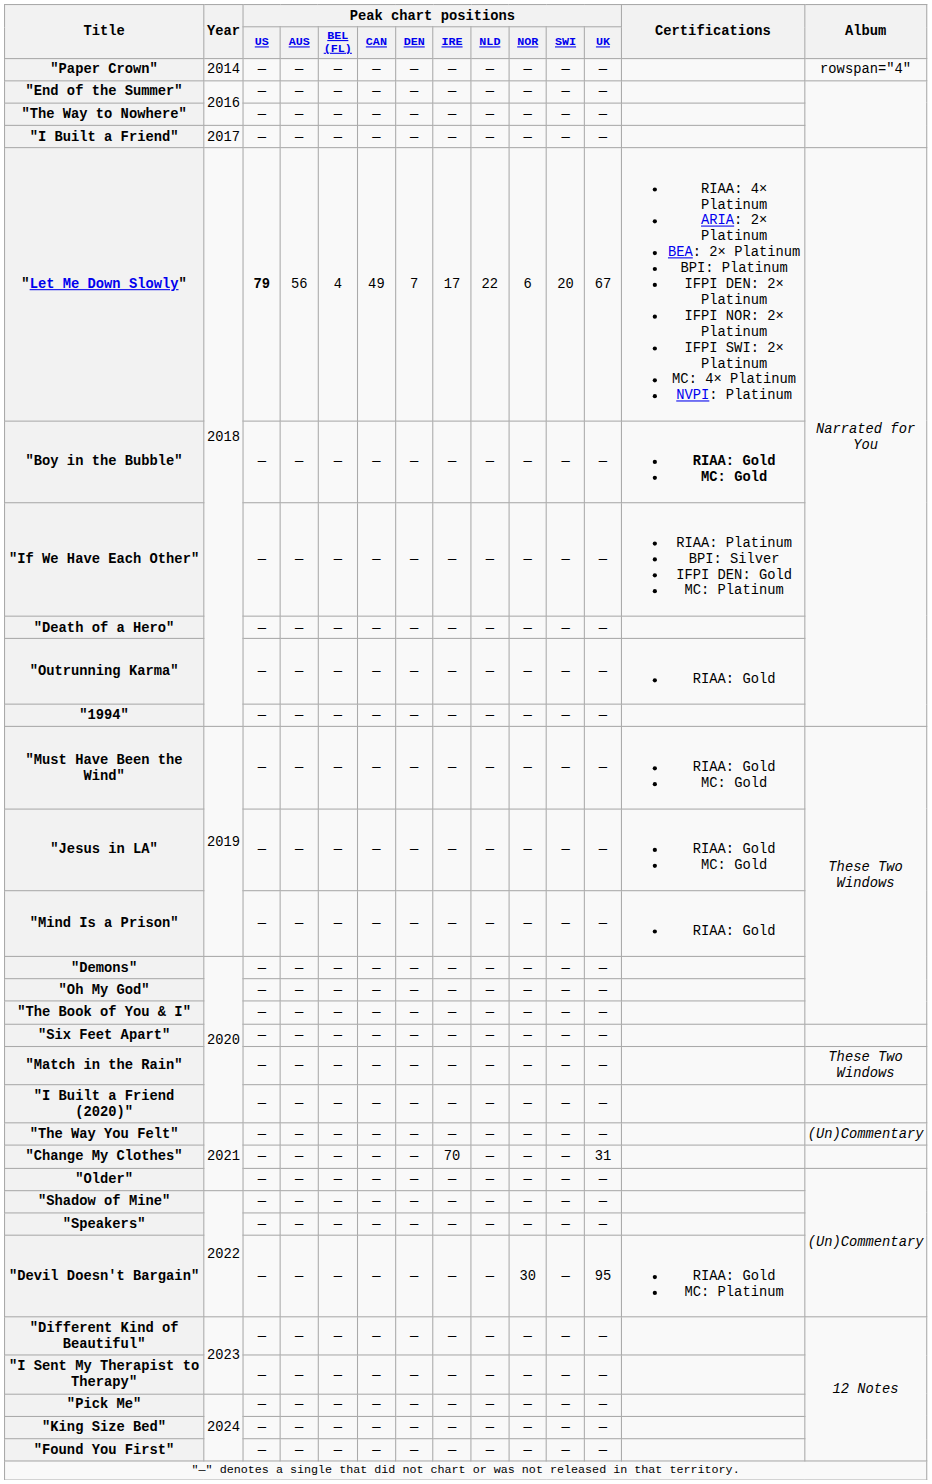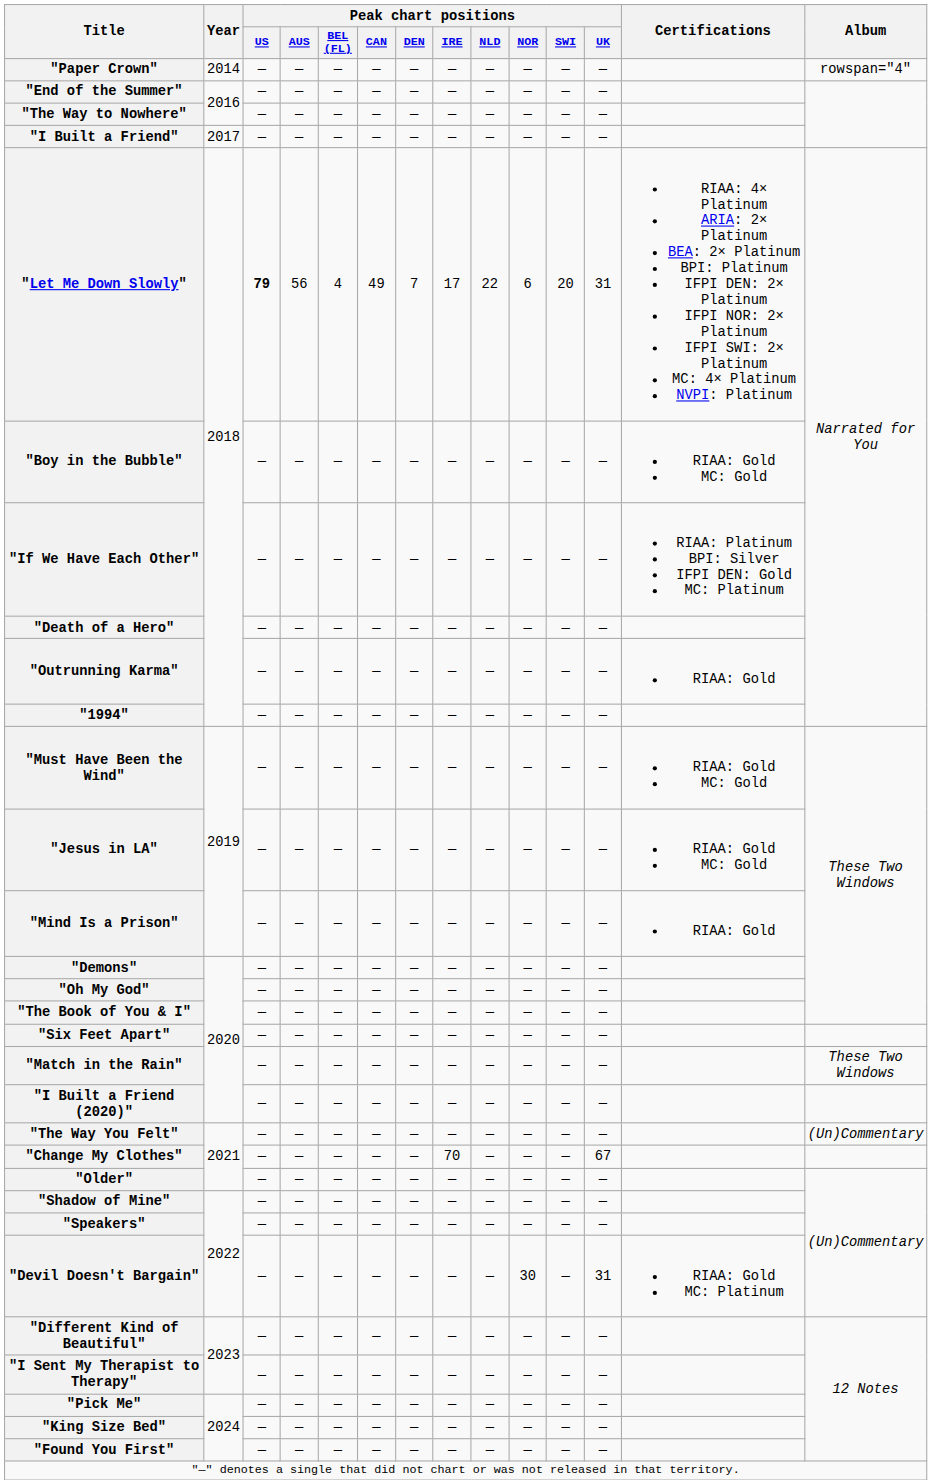 <table class="wikitable plainrowheaders" style="text-align:center">
 <tr>
 <th scope="col" rowspan="2" style="width:16em;">Title</th>
 <th scope="col" rowspan="2" style="width:1em;">Year</th>
 <th scope="col" colspan="10">Peak chart positions</th>
 <th scope="col" rowspan="2" style="width:14em;">Certifications</th>
 <th scope="col" rowspan="2">Album</th>
 </tr>
 <tr>
 <th scope="col" style="width:3em;font-size:85%;"><a href='#'>US</a><br></th>
 <th scope="col" style="width:3em;font-size:85%;"><a href='#'>AUS</a><br></th>
 <th scope="col" style="width:3em;font-size:85%;"><a href='#'>BEL<br>(FL)</a><br></th>
 <th scope="col" style="width:3em;font-size:85%;"><a href='#'>CAN</a><br></th>
 <th scope="col" style="width:3em;font-size:85%;"><a href='#'>DEN</a><br></th>
 <th scope="col" style="width:3em;font-size:85%;"><a href='#'>IRE</a><br></th>
 <th scope="col" style="width:3em;font-size:85%;"><a href='#'>NLD</a><br></th>
 <th scope="col" style="width:3em;font-size:85%;"><a href='#'>NOR</a><br></th>
 <th scope="col" style="width:3em;font-size:85%;"><a href='#'>SWI</a><br></th>
 <th scope="col" style="width:3em;font-size:85%;"><a href='#'>UK</a><br></th>
 </tr>
 <tr>
 <th scope="row">"Paper Crown"</th>
 <td>2014</td>
 <td>—</td>
 <td>—</td>
 <td>—</td>
 <td>—</td>
 <td>—</td>
 <td>—</td>
 <td>—</td>
 <td>—</td>
 <td>—</td>
 <td>—</td>
 <td></td>
 <td>rowspan="4" </td>
 </tr>
 <tr>
 <th scope="row">"End of the Summer"</th>
 <td rowspan="2">2016</td>
 <td>—</td>
 <td>—</td>
 <td>—</td>
 <td>—</td>
 <td>—</td>
 <td>—</td>
 <td>—</td>
 <td>—</td>
 <td>—</td>
 <td>—</td>
 <td></td>
 </tr>
 <tr>
 <th scope="row">"The Way to Nowhere"</th>
 <td>—</td>
 <td>—</td>
 <td>—</td>
 <td>—</td>
 <td>—</td>
 <td>—</td>
 <td>—</td>
 <td>—</td>
 <td>—</td>
 <td>—</td>
 <td></td>
 </tr>
 <tr>
 <th scope="row">"I Built a Friend"</th>
 <td>2017</td>
 <td>—</td>
 <td>—</td>
 <td>—</td>
 <td>—</td>
 <td>—</td>
 <td>—</td>
 <td>—</td>
 <td>—</td>
 <td>—</td>
 <td>—</td>
 <td></td>
 </tr>
 <tr>
 <th scope="row">"<a href='#'>Let Me Down Slowly</a>"<br></th>
 <td rowspan="6">2018</td>
 <td><strong>79</strong></td>
 <td>56</td>
 <td>4</td>
 <td>49</td>
 <td>7</td>
 <td>17</td>
 <td>22</td>
 <td>6</td>
 <td>20</td>
-<td>67</td>
+<td>31</td>
 <td><br><ul><li>RIAA: 4× Platinum</li><li><a href='#'>ARIA</a>: 2× Platinum</li><li><a href='#'>BEA</a>: 2× Platinum</li><li>BPI: Platinum</li><li>IFPI DEN: 2× Platinum</li><li>IFPI NOR: 2× Platinum</li><li>IFPI SWI: 2× Platinum</li><li>MC: 4× Platinum</li><li><a href='#'>NVPI</a>: Platinum</li></ul></td>
 <td rowspan="6"><em>Narrated for You</em></td>
 </tr>
 <tr>
 <th scope="row">"Boy in the Bubble"</th>
 <td>—</td>
 <td>—</td>
 <td>—</td>
 <td>—</td>
 <td>—</td>
 <td>—</td>
 <td>—</td>
 <td>—</td>
 <td>—</td>
 <td>—</td>
-<td><strong><br><ul><li>RIAA: Gold</li><li>MC: Gold</li></ul></strong></td>
+<td><br><ul><li>RIAA: Gold</li><li>MC: Gold</li></ul></td>
 </tr>
 <tr>
 <th scope="row">"If We Have Each Other"</th>
 <td>—</td>
 <td>—</td>
 <td>—</td>
 <td>—</td>
 <td>—</td>
 <td>—</td>
 <td>—</td>
 <td>—</td>
 <td>—</td>
 <td>—</td>
 <td><br><ul><li>RIAA: Platinum</li><li>BPI: Silver</li><li>IFPI DEN: Gold</li><li>MC: Platinum</li></ul></td>
 </tr>
 <tr>
 <th scope="row">"Death of a Hero"</th>
 <td>—</td>
 <td>—</td>
 <td>—</td>
 <td>—</td>
 <td>—</td>
 <td>—</td>
 <td>—</td>
 <td>—</td>
 <td>—</td>
 <td>—</td>
 <td></td>
 </tr>
 <tr>
 <th scope="row">"Outrunning Karma"</th>
 <td>—</td>
 <td>—</td>
 <td>—</td>
 <td>—</td>
 <td>—</td>
 <td>—</td>
 <td>—</td>
 <td>—</td>
 <td>—</td>
 <td>—</td>
 <td><br><ul><li>RIAA: Gold</li></ul></td>
 </tr>
 <tr>
 <th scope="row">"1994"</th>
 <td>—</td>
 <td>—</td>
 <td>—</td>
 <td>—</td>
 <td>—</td>
 <td>—</td>
 <td>—</td>
 <td>—</td>
 <td>—</td>
 <td>—</td>
 <td></td>
 </tr>
 <tr>
 <th scope="row">"Must Have Been the Wind"</th>
 <td rowspan="3">2019</td>
 <td>—</td>
 <td>—</td>
 <td>—</td>
 <td>—</td>
 <td>—</td>
 <td>—</td>
 <td>—</td>
 <td>—</td>
 <td>—</td>
 <td>—</td>
 <td><br><ul><li>RIAA: Gold</li><li>MC: Gold</li></ul></td>
 <td rowspan="6"><em>These Two Windows</em></td>
 </tr>
 <tr>
 <th scope="row">"Jesus in LA"</th>
 <td>—</td>
 <td>—</td>
 <td>—</td>
 <td>—</td>
 <td>—</td>
 <td>—</td>
 <td>—</td>
 <td>—</td>
 <td>—</td>
 <td>—</td>
 <td><br><ul><li>RIAA: Gold</li><li>MC: Gold</li></ul></td>
 </tr>
 <tr>
 <th scope="row">"Mind Is a Prison"</th>
 <td>—</td>
 <td>—</td>
 <td>—</td>
 <td>—</td>
 <td>—</td>
 <td>—</td>
 <td>—</td>
 <td>—</td>
 <td>—</td>
 <td>—</td>
 <td><br><ul><li>RIAA: Gold</li></ul></td>
 </tr>
 <tr>
 <th scope=row>"Demons"</th>
 <td rowspan="6">2020</td>
 <td>—</td>
 <td>—</td>
 <td>—</td>
 <td>—</td>
 <td>—</td>
 <td>—</td>
 <td>—</td>
 <td>—</td>
 <td>—</td>
 <td>—</td>
 <td></td>
 </tr>
 <tr>
 <th scope=row>"Oh My God"</th>
 <td>—</td>
 <td>—</td>
 <td>—</td>
 <td>—</td>
 <td>—</td>
 <td>—</td>
 <td>—</td>
 <td>—</td>
 <td>—</td>
 <td>—</td>
 <td></td>
 </tr>
 <tr>
 <th scope=row>"The Book of You & I"</th>
 <td>—</td>
 <td>—</td>
 <td>—</td>
 <td>—</td>
 <td>—</td>
 <td>—</td>
 <td>—</td>
 <td>—</td>
 <td>—</td>
 <td>—</td>
 <td></td>
 </tr>
 <tr>
 <th scope=row>"Six Feet Apart"</th>
 <td>—</td>
 <td>—</td>
 <td>—</td>
 <td>—</td>
 <td>—</td>
 <td>—</td>
 <td>—</td>
 <td>—</td>
 <td>—</td>
 <td>—</td>
 <td></td>
 <td></td>
 </tr>
 <tr>
 <th scope=row>"Match in the Rain"</th>
 <td>—</td>
 <td>—</td>
 <td>—</td>
 <td>—</td>
 <td>—</td>
 <td>—</td>
 <td>—</td>
 <td>—</td>
 <td>—</td>
 <td>—</td>
 <td></td>
 <td><em>These Two Windows</em></td>
 </tr>
 <tr>
 <th scope=row>"I Built a Friend (2020)"</th>
 <td>—</td>
 <td>—</td>
 <td>—</td>
 <td>—</td>
 <td>—</td>
 <td>—</td>
 <td>—</td>
 <td>—</td>
 <td>—</td>
 <td>—</td>
 <td></td>
 <td></td>
 </tr>
 <tr>
 <th scope="row">"The Way You Felt"</th>
 <td rowspan="3">2021</td>
 <td>—</td>
 <td>—</td>
 <td>—</td>
 <td>—</td>
 <td>—</td>
 <td>—</td>
 <td>—</td>
 <td>—</td>
 <td>—</td>
 <td>—</td>
 <td></td>
 <td><em>(Un)Commentary</em></td>
 </tr>
 <tr>
 <th scope="row">"Change My Clothes"<br></th>
 <td>—</td>
 <td>—</td>
 <td>—</td>
 <td>—</td>
 <td>—</td>
 <td>70</td>
 <td>—</td>
 <td>—</td>
 <td>—</td>
-<td>31</td>
+<td>67</td>
 <td></td>
 <td></td>
 </tr>
 <tr>
 <th scope="row">"Older"</th>
 <td>—</td>
 <td>—</td>
 <td>—</td>
 <td>—</td>
 <td>—</td>
 <td>—</td>
 <td>—</td>
 <td>—</td>
 <td>—</td>
 <td>—</td>
 <td></td>
 <td rowspan="4"><em>(Un)Commentary</em></td>
 </tr>
 <tr>
 <th scope="row">"Shadow of Mine"</th>
 <td rowspan="3">2022</td>
 <td>—</td>
 <td>—</td>
 <td>—</td>
 <td>—</td>
 <td>—</td>
 <td>—</td>
 <td>—</td>
 <td>—</td>
 <td>—</td>
 <td>—</td>
 <td></td>
 </tr>
 <tr>
 <th scope="row">"Speakers"</th>
 <td>—</td>
 <td>—</td>
 <td>—</td>
 <td>—</td>
 <td>—</td>
 <td>—</td>
 <td>—</td>
 <td>—</td>
 <td>—</td>
 <td>—</td>
 <td></td>
 </tr>
 <tr>
 <th scope="row">"Devil Doesn't Bargain"</th>
 <td>—</td>
 <td>—</td>
 <td>—</td>
 <td>—</td>
 <td>—</td>
 <td>—</td>
 <td>—</td>
 <td>30</td>
 <td>—</td>
-<td>95</td>
+<td>31</td>
 <td><br><ul><li>RIAA: Gold</li><li>MC: Platinum</li></ul></td>
 </tr>
 <tr>
 <th scope="row">"Different Kind of Beautiful"</th>
 <td rowspan="2">2023</td>
 <td>—</td>
 <td>—</td>
 <td>—</td>
 <td>—</td>
 <td>—</td>
 <td>—</td>
 <td>—</td>
 <td>—</td>
 <td>—</td>
 <td>—</td>
 <td></td>
 <td rowspan="5"><em>12 Notes</em></td>
 </tr>
 <tr>
 <th scope="row">"I Sent My Therapist to Therapy"</th>
 <td>—</td>
 <td>—</td>
 <td>—</td>
 <td>—</td>
 <td>—</td>
 <td>—</td>
 <td>—</td>
 <td>—</td>
 <td>—</td>
 <td>—</td>
 <td></td>
 </tr>
 <tr>
 <th scope="row">"Pick Me"</th>
 <td rowspan="3">2024</td>
 <td>—</td>
 <td>—</td>
 <td>—</td>
 <td>—</td>
 <td>—</td>
 <td>—</td>
 <td>—</td>
 <td>—</td>
 <td>—</td>
 <td>—</td>
 <td></td>
 </tr>
 <tr>
 <th scope="row">"King Size Bed"</th>
 <td>—</td>
 <td>—</td>
 <td>—</td>
 <td>—</td>
 <td>—</td>
 <td>—</td>
 <td>—</td>
 <td>—</td>
 <td>—</td>
 <td>—</td>
 <td></td>
 </tr>
 <tr>
 <th scope="row">"Found You First"</th>
 <td>—</td>
 <td>—</td>
 <td>—</td>
 <td>—</td>
 <td>—</td>
 <td>—</td>
 <td>—</td>
 <td>—</td>
 <td>—</td>
 <td>—</td>
 <td></td>
 </tr>
 <tr>
 <td colspan="14" style="font-size:85%">"—" denotes a single that did not chart or was not released in that territory.</td>
 </tr>
 </table>
